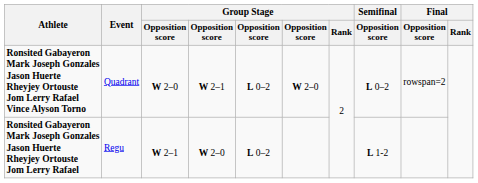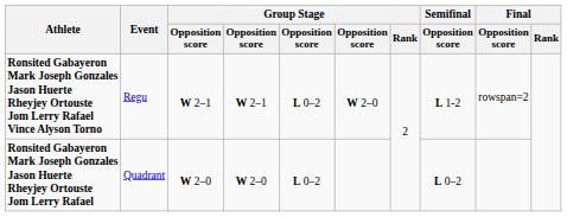 <table class=wikitable style="font-size:90%; text-align:center">
 <tr>
 <th rowspan=2>Athlete</th>
 <th rowspan=2>Event</th>
 <th colspan=5>Group Stage</th>
 <th>Semifinal</th>
 <th colspan=2>Final</th>
 </tr>
 <tr style="font-size:95%">
 <th>Opposition<br>score</th>
 <th>Opposition<br>score</th>
 <th>Opposition<br>score</th>
 <th>Opposition<br>score</th>
 <th>Rank</th>
 <th>Opposition<br>score</th>
 <th>Opposition<br>score</th>
 <th>Rank</th>
 </tr>
 <tr>
 <td align=left><strong>Ronsited Gabayeron<br>Mark Joseph Gonzales<br>Jason Huerte<br>Rheyjey Ortouste<br>Jom Lerry Rafael<br>Vince Alyson Torno</strong></td>
-<td align=left><a href='#'>Quadrant</a></td>
-<td><br><strong>W</strong> 2–0</td>
+<td align=left><a href='#'>Regu</a></td>
+<td><br><strong>W</strong> 2–1</td>
 <td><br><strong>W</strong> 2–1</td>
 <td><br><strong>L</strong> 0–2</td>
 <td><br><strong>W</strong> 2–0</td>
 <td rowspan=2>2 <strong></strong></td>
-<td><br><strong>L</strong> 0–2</td>
+<td><br><strong>L</strong> 1-2</td>
 <td>rowspan=2 </td>
 <td rowspan=2></td>
 </tr>
 <tr>
 <td align=left><strong>Ronsited Gabayeron<br>Mark Joseph Gonzales<br>Jason Huerte<br>Rheyjey Ortouste<br>Jom Lerry Rafael</strong></td>
-<td align=left><a href='#'>Regu</a></td>
-<td><br><strong>W</strong> 2–1</td>
+<td align=left><a href='#'>Quadrant</a></td>
+<td><br><strong>W</strong> 2–0</td>
 <td><br><strong>W</strong> 2–0</td>
 <td><br><strong>L</strong> 0–2</td>
 <td></td>
-<td><br><strong>L</strong> 1-2</td>
+<td><br><strong>L</strong> 0–2</td>
 </tr>
 </table>
